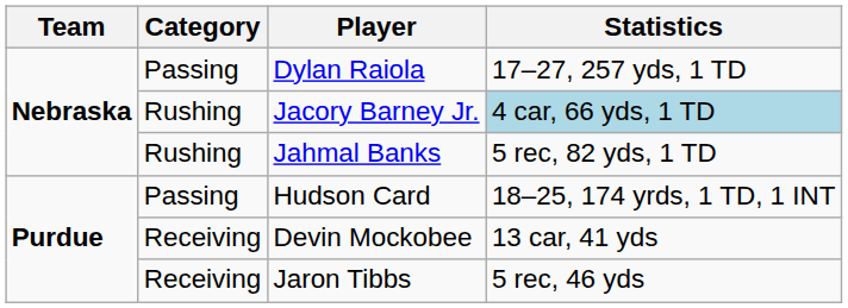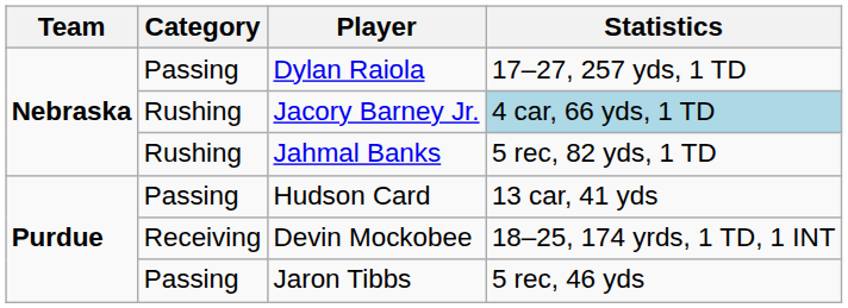 <table class="wikitable" style="float: right;">
 <tr>
 <th>Team</th>
 <th>Category</th>
 <th>Player</th>
 <th>Statistics</th>
 </tr>
 <tr>
 <td rowspan=3><strong>Nebraska</strong></td>
 <td>Passing</td>
 <td><a href='#'>Dylan Raiola</a></td>
 <td>17–27, 257 yds, 1 TD</td>
 </tr>
 <tr>
 <td>Rushing</td>
 <td><a href='#'>Jacory Barney Jr.</a></td>
 <td style="background: lightblue;">4 car, 66 yds, 1 TD</td>
 </tr>
 <tr>
 <td>Rushing</td>
 <td><a href='#'>Jahmal Banks</a></td>
 <td>5 rec, 82 yds, 1 TD</td>
 </tr>
 <tr>
 <td rowspan=3><strong>Purdue</strong></td>
 <td>Passing</td>
 <td>Hudson Card</td>
-<td>18–25, 174 yrds, 1 TD, 1 INT</td>
+<td>13 car, 41 yds</td>
 </tr>
 <tr>
 <td>Receiving</td>
 <td>Devin Mockobee</td>
-<td>13 car, 41 yds</td>
+<td>18–25, 174 yrds, 1 TD, 1 INT</td>
 </tr>
 <tr>
-<td>Receiving</td>
+<td>Passing</td>
 <td>Jaron Tibbs</td>
 <td>5 rec, 46 yds</td>
 </tr>
 </table>
